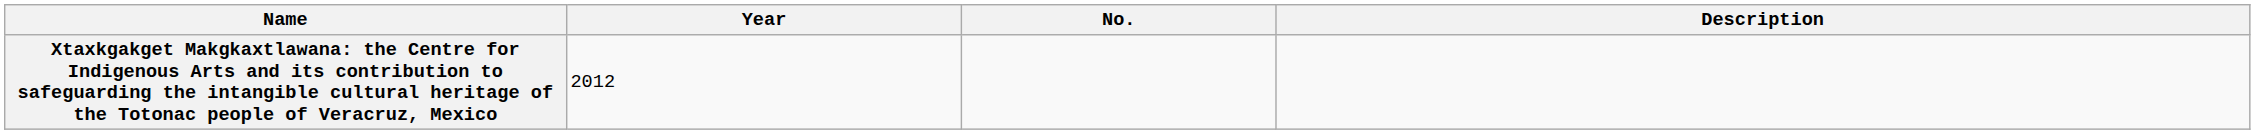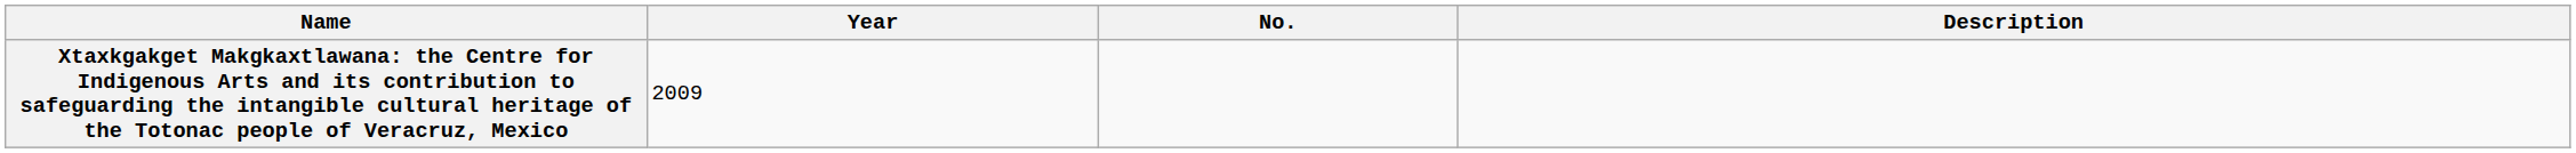 <table class="wikitable sortable plainrowheaders">
 <tr>
 <th style="width:25%">Name</th>
 <th>Year</th>
 <th>No.</th>
 <th class="unsortable">Description</th>
 </tr>
 <tr>
 <th scope="row">Xtaxkgakget Makgkaxtlawana: the Centre for Indigenous Arts and its contribution to safeguarding the intangible cultural heritage of the Totonac people of Veracruz, Mexico</th>
-<td>2012</td>
+<td>2009</td>
 <td></td>
 <td></td>
 </tr>
 </table>
